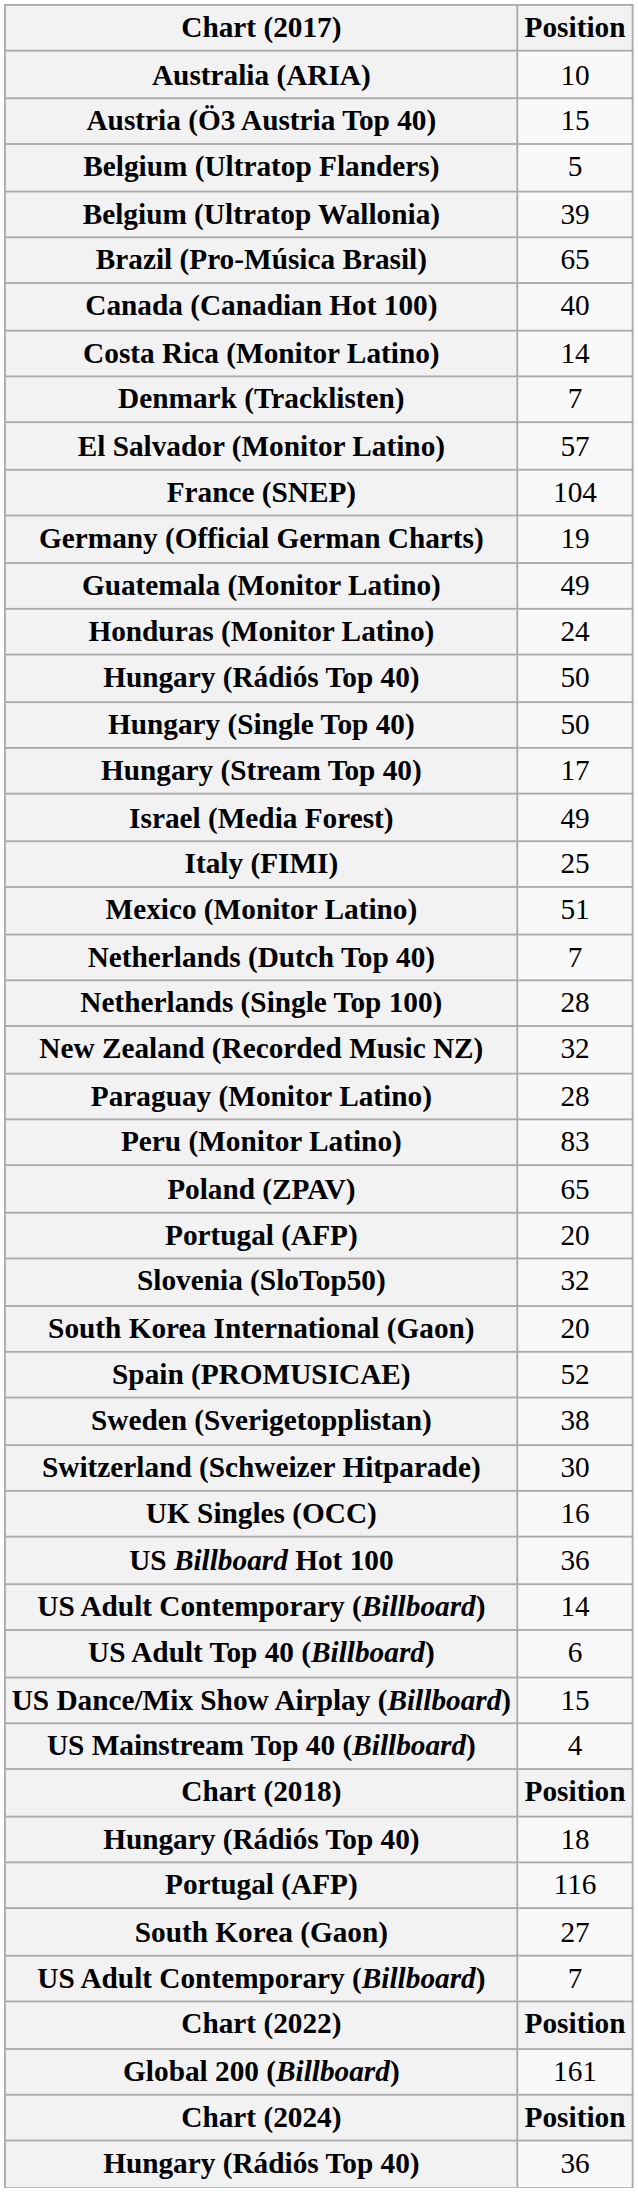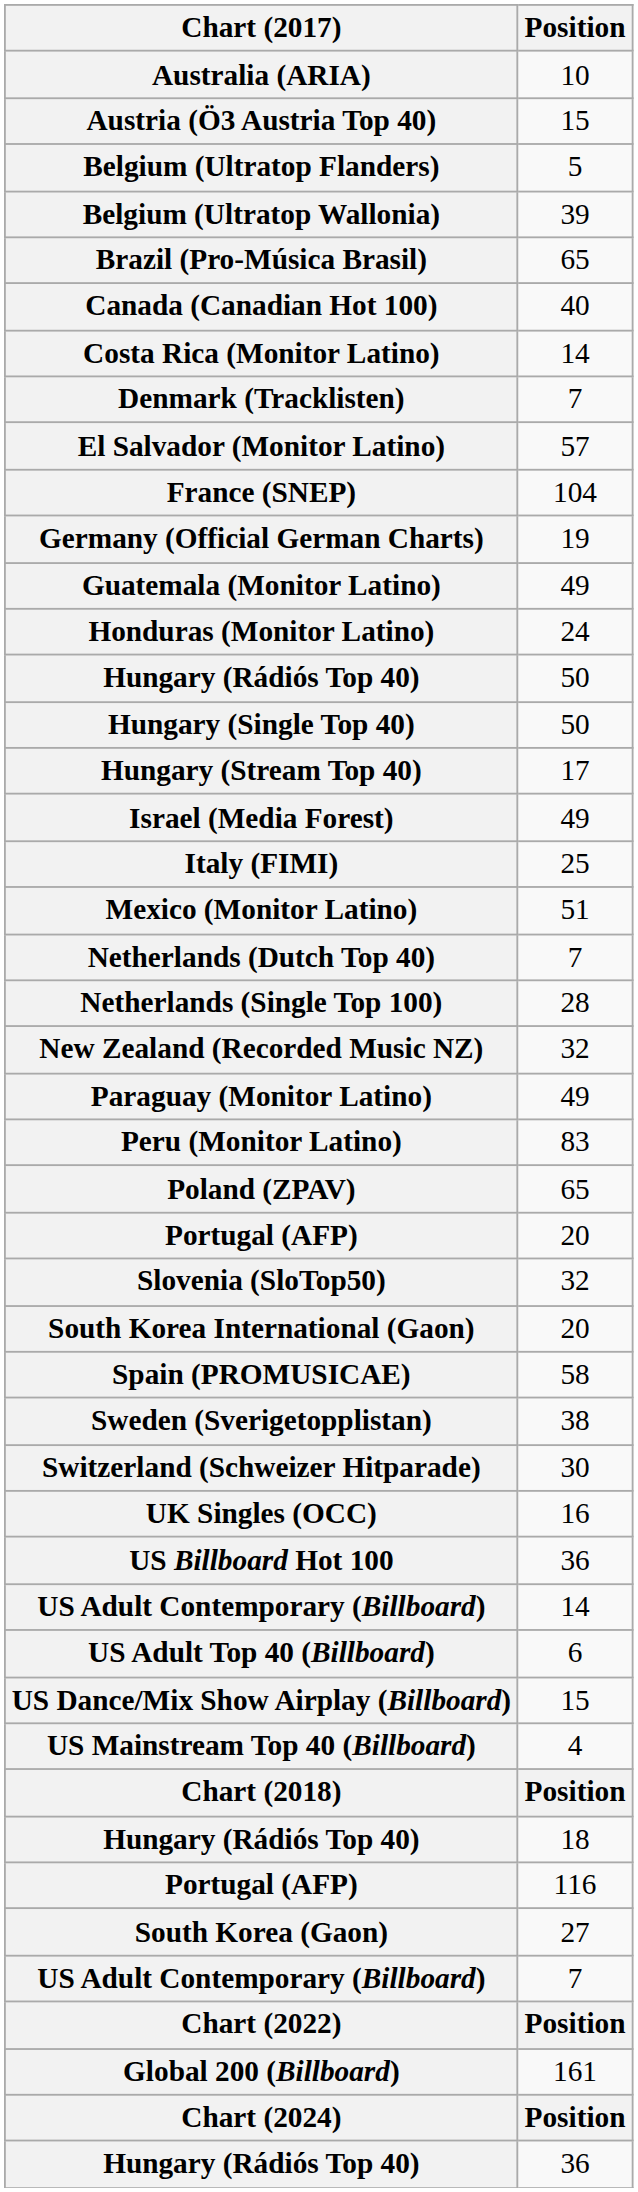 <table class="wikitable sortable plainrowheaders" style="text-align:center">
 <tr>
 <th scope="col">Chart (2017)</th>
 <th scope="col">Position</th>
 </tr>
 <tr>
 <th scope="row">Australia (ARIA)</th>
 <td>10</td>
 </tr>
 <tr>
 <th scope="row">Austria (Ö3 Austria Top 40)</th>
 <td>15</td>
 </tr>
 <tr>
 <th scope="row">Belgium (Ultratop Flanders)</th>
 <td>5</td>
 </tr>
 <tr>
 <th scope="row">Belgium (Ultratop Wallonia)</th>
 <td>39</td>
 </tr>
 <tr>
 <th scope="row">Brazil (Pro-Música Brasil)</th>
 <td>65</td>
 </tr>
 <tr>
 <th scope="row">Canada (Canadian Hot 100)</th>
 <td>40</td>
 </tr>
 <tr>
 <th scope="row">Costa Rica (Monitor Latino)</th>
 <td>14</td>
 </tr>
 <tr>
 <th scope="row">Denmark (Tracklisten)</th>
 <td>7</td>
 </tr>
 <tr>
 <th scope="row">El Salvador (Monitor Latino)</th>
 <td>57</td>
 </tr>
 <tr>
 <th scope="row">France (SNEP)</th>
 <td>104</td>
 </tr>
 <tr>
 <th scope="row">Germany (Official German Charts)</th>
 <td>19</td>
 </tr>
 <tr>
 <th scope="row">Guatemala (Monitor Latino)</th>
 <td>49</td>
 </tr>
 <tr>
 <th scope="row">Honduras (Monitor Latino)</th>
 <td>24</td>
 </tr>
 <tr>
 <th scope="row">Hungary (Rádiós Top 40)</th>
 <td>50</td>
 </tr>
 <tr>
 <th scope="row">Hungary (Single Top 40)</th>
 <td>50</td>
 </tr>
 <tr>
 <th scope="row">Hungary (Stream Top 40)</th>
 <td>17</td>
 </tr>
 <tr>
 <th scope="row">Israel (Media Forest)</th>
 <td>49</td>
 </tr>
 <tr>
 <th scope="row">Italy (FIMI)</th>
 <td>25</td>
 </tr>
 <tr>
 <th scope="row">Mexico (Monitor Latino)</th>
 <td>51</td>
 </tr>
 <tr>
 <th scope="row">Netherlands (Dutch Top 40)</th>
 <td>7</td>
 </tr>
 <tr>
 <th scope="row">Netherlands (Single Top 100)</th>
 <td>28</td>
 </tr>
 <tr>
 <th scope="row">New Zealand (Recorded Music NZ)</th>
 <td>32</td>
 </tr>
 <tr>
 <th scope="row">Paraguay (Monitor Latino)</th>
-<td>28</td>
+<td>49</td>
 </tr>
 <tr>
 <th scope="row">Peru (Monitor Latino)</th>
 <td>83</td>
 </tr>
 <tr>
 <th scope="row">Poland (ZPAV)</th>
 <td>65</td>
 </tr>
 <tr>
 <th scope="row">Portugal (AFP)</th>
 <td>20</td>
 </tr>
 <tr>
 <th scope="row">Slovenia (SloTop50)</th>
 <td>32</td>
 </tr>
 <tr>
 <th scope="row">South Korea International (Gaon)</th>
 <td>20</td>
 </tr>
 <tr>
 <th scope="row">Spain (PROMUSICAE)</th>
-<td>52</td>
+<td>58</td>
 </tr>
 <tr>
 <th scope="row">Sweden (Sverigetopplistan)</th>
 <td>38</td>
 </tr>
 <tr>
 <th scope="row">Switzerland (Schweizer Hitparade)</th>
 <td>30</td>
 </tr>
 <tr>
 <th scope="row">UK Singles (OCC)</th>
 <td>16</td>
 </tr>
 <tr>
 <th scope="row">US <em>Billboard</em> Hot 100</th>
 <td>36</td>
 </tr>
 <tr>
 <th scope="row">US Adult Contemporary (<em>Billboard</em>)</th>
 <td>14</td>
 </tr>
 <tr>
 <th scope="row">US Adult Top 40 (<em>Billboard</em>)</th>
 <td>6</td>
 </tr>
 <tr>
 <th scope="row">US Dance/Mix Show Airplay (<em>Billboard</em>)</th>
 <td>15</td>
 </tr>
 <tr>
 <th scope="row">US Mainstream Top 40 (<em>Billboard</em>)</th>
 <td>4</td>
 </tr>
 <tr>
 <th scope="col">Chart (2018)</th>
 <th scope="col">Position</th>
 </tr>
 <tr>
 <th scope="row">Hungary (Rádiós Top 40)</th>
 <td>18</td>
 </tr>
 <tr>
 <th scope="row">Portugal (AFP)</th>
 <td>116</td>
 </tr>
 <tr>
 <th scope="row">South Korea (Gaon)</th>
 <td>27</td>
 </tr>
 <tr>
 <th scope="row">US Adult Contemporary (<em>Billboard</em>)</th>
 <td>7</td>
 </tr>
 <tr>
 <th scope="col">Chart (2022)</th>
 <th scope="col">Position</th>
 </tr>
 <tr>
 <th scope="row">Global 200 (<em>Billboard</em>)</th>
 <td>161</td>
 </tr>
 <tr>
 <th scope="col">Chart (2024)</th>
 <th scope="col">Position</th>
 </tr>
 <tr>
 <th scope="row">Hungary (Rádiós Top 40)</th>
 <td>36</td>
 </tr>
 </table>
